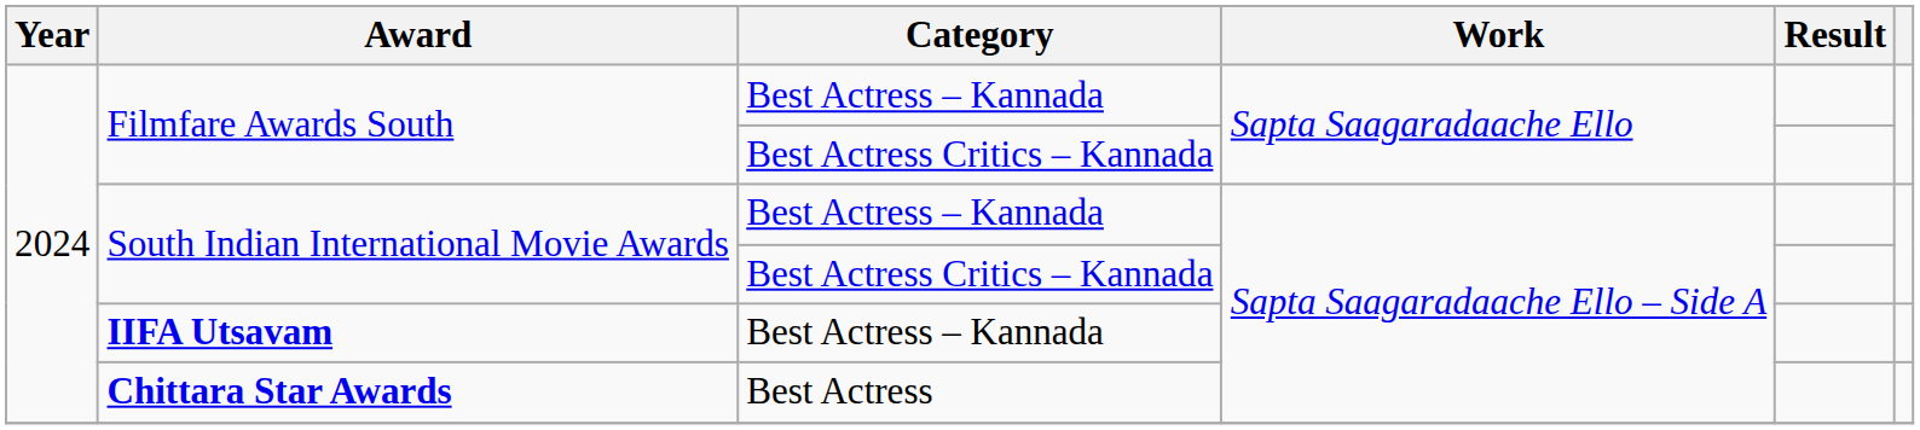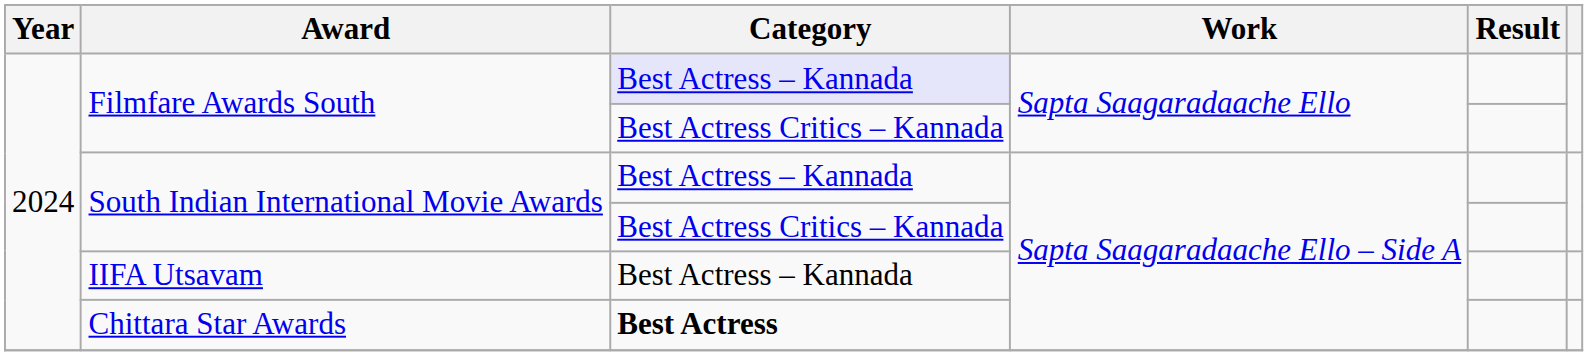 <table class="wikitable">
 <tr>
 <th>Year</th>
 <th>Award</th>
 <th>Category</th>
 <th>Work</th>
 <th>Result</th>
 <th></th>
 </tr>
 <tr>
 <td rowspan="6">2024</td>
 <td rowspan="2"><a href='#'>Filmfare Awards South</a></td>
-<td><a href='#'>Best Actress – Kannada</a></td>
+<td style="background: lavender;"><a href='#'>Best Actress – Kannada</a></td>
 <td rowspan="2"><em><a href='#'>Sapta Saagaradaache Ello</a></em></td>
 <td></td>
 <td rowspan="2"></td>
 </tr>
 <tr>
 <td><a href='#'>Best Actress Critics – Kannada</a></td>
 <td></td>
 </tr>
 <tr>
 <td rowspan="2"><a href='#'>South Indian International Movie Awards</a></td>
 <td><a href='#'>Best Actress – Kannada</a></td>
 <td rowspan="4"><em><a href='#'>Sapta Saagaradaache Ello – Side A</a></em></td>
 <td></td>
 <td rowspan="2"></td>
 </tr>
 <tr>
 <td><a href='#'>Best Actress Critics – Kannada</a></td>
 <td></td>
 </tr>
 <tr>
-<td><strong><a href='#'>IIFA Utsavam</a></strong></td>
+<td><a href='#'>IIFA Utsavam</a></td>
 <td>Best Actress – Kannada</td>
 <td></td>
 <td></td>
 </tr>
 <tr>
-<td><strong><a href='#'>Chittara Star Awards</a></strong></td>
-<td>Best Actress</td>
+<td><a href='#'>Chittara Star Awards</a></td>
+<td><strong>Best Actress</strong></td>
 <td></td>
 <td></td>
 </tr>
 <tr>
 </tr>
 </table>
